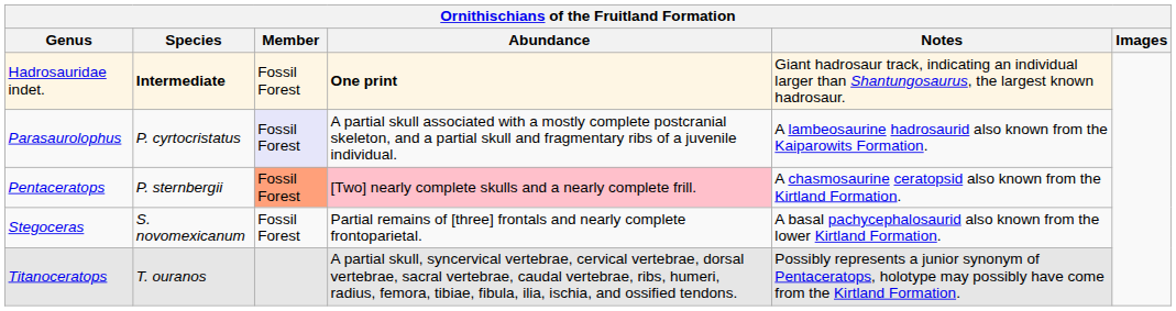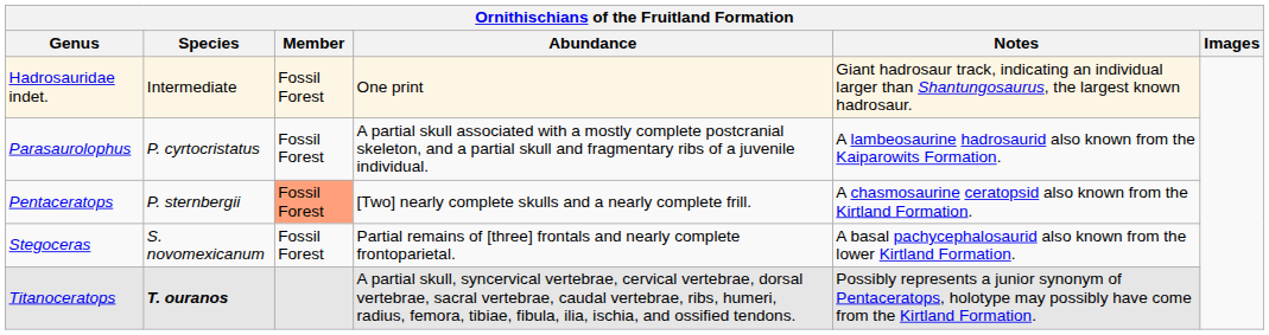 <table class="wikitable" align="center">
 <tr>
 <th colspan="7" align="center"><strong><a href='#'>Ornithischians</a> of the Fruitland Formation</strong></th>
 </tr>
 <tr>
 <th>Genus</th>
 <th>Species</th>
 <th>Member</th>
 <th>Abundance</th>
 <th>Notes</th>
 <th>Images</th>
 </tr>
 <tr>
 <td style="background:#FEF6E4;"><a href='#'>Hadrosauridae</a> indet.</td>
-<td style="background:#FEF6E4;"><strong>Intermediate</strong></td>
+<td style="background:#FEF6E4;">Intermediate</td>
 <td style="background:#FEF6E4;">Fossil Forest</td>
-<td style="background:#FEF6E4;"><strong>One print</strong></td>
+<td style="background:#FEF6E4;">One print</td>
 <td style="background:#FEF6E4;">Giant hadrosaur track, indicating an individual larger than <em><a href='#'>Shantungosaurus</a></em>, the largest known hadrosaur.</td>
 <td rowspan="99"><br>   </td>
 </tr>
 <tr>
 <td><em><a href='#'>Parasaurolophus</a></em></td>
 <td><em>P. cyrtocristatus</em></td>
-<td style="background: lavender;">Fossil Forest</td>
+<td>Fossil Forest</td>
 <td>A partial skull associated with a mostly complete postcranial skeleton, and a partial skull and fragmentary ribs of a juvenile individual.</td>
 <td>A <a href='#'>lambeosaurine</a> <a href='#'>hadrosaurid</a> also known from the <a href='#'>Kaiparowits Formation</a>.</td>
 </tr>
 <tr>
 <td><em><a href='#'>Pentaceratops</a></em></td>
 <td><em>P. sternbergii</em></td>
 <td style="background: lightsalmon;">Fossil Forest</td>
-<td style="background: pink;">[Two] nearly complete skulls and a nearly complete frill.</td>
+<td>[Two] nearly complete skulls and a nearly complete frill.</td>
 <td>A <a href='#'>chasmosaurine</a> <a href='#'>ceratopsid</a> also known from the <a href='#'>Kirtland Formation</a>.</td>
 </tr>
 <tr>
 <td><em><a href='#'>Stegoceras</a></em></td>
 <td><em>S. novomexicanum</em></td>
 <td>Fossil Forest</td>
 <td>Partial remains of [three] frontals and nearly complete frontoparietal.</td>
 <td>A basal <a href='#'>pachycephalosaurid</a> also known from the lower <a href='#'>Kirtland Formation</a>.</td>
 </tr>
 <tr>
 <td style="background:#E6E6E6;"><em><a href='#'>Titanoceratops</a></em></td>
-<td style="background:#E6E6E6;"><em>T. ouranos</em></td>
+<td style="background:#E6E6E6;"><strong><em>T. ouranos</em></strong></td>
 <td style="background:#E6E6E6;"></td>
 <td style="background:#E6E6E6;">A partial skull, syncervical vertebrae, cervical vertebrae, dorsal vertebrae, sacral vertebrae, caudal vertebrae, ribs, humeri, radius, femora, tibiae, fibula, ilia, ischia, and ossified tendons.</td>
 <td style="background:#E6E6E6;">Possibly represents a junior synonym of <a href='#'>Pentaceratops</a>, holotype may possibly have come from the <a href='#'>Kirtland Formation</a>.</td>
 </tr>
 </table>
